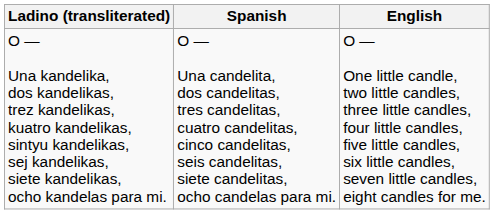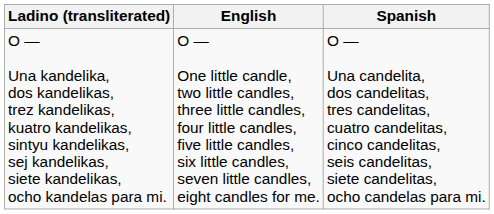 <table class="wikitable">
 <tr>
 <th>Ladino (transliterated)</th>
+<th>English</th>
 <th>Spanish</th>
-<th>English</th>
 </tr>
 <tr>
 <td>O — <br><br>Una kandelika, <br> dos kandelikas, <br> trez kandelikas, <br> kuatro kandelikas, <br> sintyu kandelikas, <br> sej kandelikas, <br> siete kandelikas, <br> ocho kandelas para mi. <br></td>
+<td>O — <br><br>One little candle, <br> two little candles, <br> three little candles, <br> four little candles, <br> five little candles, <br> six little candles, <br> seven little candles, <br> eight candles for me. <br></td>
 <td>O — <br><br>Una candelita, <br> dos candelitas, <br> tres candelitas, <br> cuatro candelitas, <br> cinco candelitas, <br> seis candelitas, <br> siete candelitas, <br> ocho candelas para mi. <br></td>
-<td>O — <br><br>One little candle, <br> two little candles, <br> three little candles, <br> four little candles, <br> five little candles, <br> six little candles, <br> seven little candles, <br> eight candles for me. <br></td>
 </tr>
 </table>
